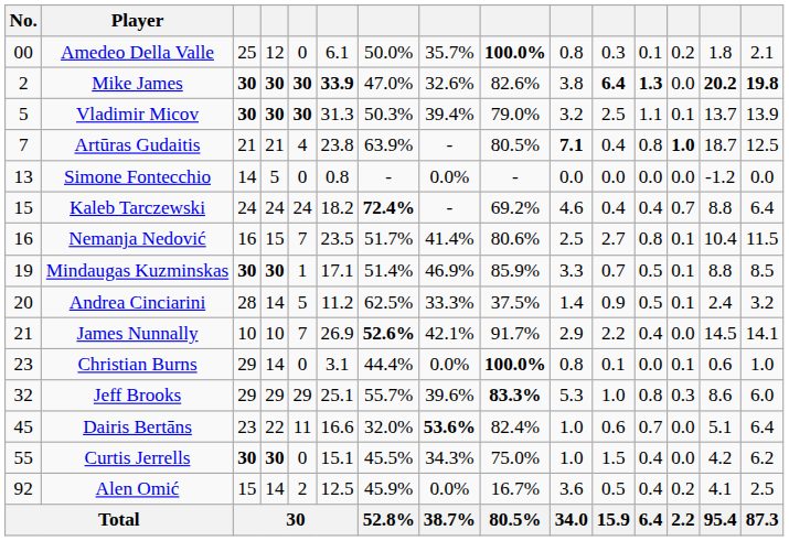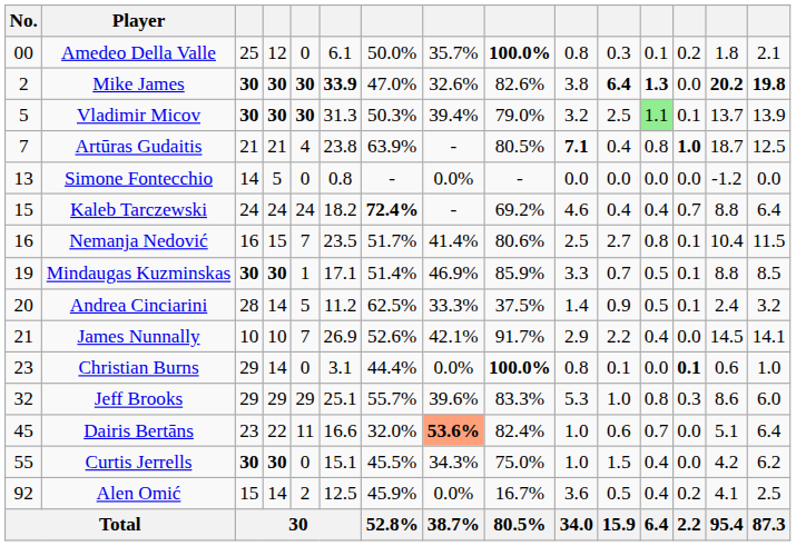 <table class="wikitable sortable" style="text-align:center; font-size:95%">
 <tr>
 <th>No.</th>
 <th>Player</th>
 <th></th>
 <th></th>
 <th></th>
 <th></th>
 <th></th>
 <th></th>
 <th></th>
 <th></th>
 <th></th>
 <th></th>
 <th></th>
 <th></th>
 <th></th>
 </tr>
 <tr>
 <td>00</td>
 <td><a href='#'>Amedeo Della Valle</a></td>
 <td>25</td>
 <td>12</td>
 <td>0</td>
 <td>6.1</td>
 <td>50.0%</td>
 <td>35.7%</td>
 <td><strong>100.0%</strong></td>
 <td>0.8</td>
 <td>0.3</td>
 <td>0.1</td>
 <td>0.2</td>
 <td>1.8</td>
 <td>2.1</td>
 </tr>
 <tr>
 <td>2</td>
 <td><a href='#'>Mike James</a></td>
 <td><strong>30</strong></td>
 <td><strong>30</strong></td>
 <td><strong>30</strong></td>
 <td><strong>33.9</strong></td>
 <td>47.0%</td>
 <td>32.6%</td>
 <td>82.6%</td>
 <td>3.8</td>
 <td><strong>6.4</strong></td>
 <td><strong>1.3</strong></td>
 <td>0.0</td>
 <td><strong>20.2</strong></td>
 <td><strong>19.8</strong></td>
 </tr>
 <tr>
 <td>5</td>
 <td><a href='#'>Vladimir Micov</a></td>
 <td><strong>30</strong></td>
 <td><strong>30</strong></td>
 <td><strong>30</strong></td>
 <td>31.3</td>
 <td>50.3%</td>
 <td>39.4%</td>
 <td>79.0%</td>
 <td>3.2</td>
 <td>2.5</td>
-<td>1.1</td>
+<td style="background: lightgreen;">1.1</td>
 <td>0.1</td>
 <td>13.7</td>
 <td>13.9</td>
 </tr>
 <tr>
 <td>7</td>
 <td><a href='#'>Artūras Gudaitis</a></td>
 <td>21</td>
 <td>21</td>
 <td>4</td>
 <td>23.8</td>
 <td>63.9%</td>
 <td>-</td>
 <td>80.5%</td>
 <td><strong>7.1</strong></td>
 <td>0.4</td>
 <td>0.8</td>
 <td><strong>1.0</strong></td>
 <td>18.7</td>
 <td>12.5</td>
 </tr>
 <tr>
 <td>13</td>
 <td><a href='#'>Simone Fontecchio</a></td>
 <td>14</td>
 <td>5</td>
 <td>0</td>
 <td>0.8</td>
 <td>-</td>
 <td>0.0%</td>
 <td>-</td>
 <td>0.0</td>
 <td>0.0</td>
 <td>0.0</td>
 <td>0.0</td>
 <td>-1.2</td>
 <td>0.0</td>
 </tr>
 <tr>
 <td>15</td>
 <td><a href='#'>Kaleb Tarczewski</a></td>
 <td>24</td>
 <td>24</td>
 <td>24</td>
 <td>18.2</td>
 <td><strong>72.4%</strong></td>
 <td>-</td>
 <td>69.2%</td>
 <td>4.6</td>
 <td>0.4</td>
 <td>0.4</td>
 <td>0.7</td>
 <td>8.8</td>
 <td>6.4</td>
 </tr>
 <tr>
 <td>16</td>
 <td><a href='#'>Nemanja Nedović</a></td>
 <td>16</td>
 <td>15</td>
 <td>7</td>
 <td>23.5</td>
 <td>51.7%</td>
 <td>41.4%</td>
 <td>80.6%</td>
 <td>2.5</td>
 <td>2.7</td>
 <td>0.8</td>
 <td>0.1</td>
 <td>10.4</td>
 <td>11.5</td>
 </tr>
 <tr>
 <td>19</td>
 <td><a href='#'>Mindaugas Kuzminskas</a></td>
 <td><strong>30</strong></td>
 <td><strong>30</strong></td>
 <td>1</td>
 <td>17.1</td>
 <td>51.4%</td>
 <td>46.9%</td>
 <td>85.9%</td>
 <td>3.3</td>
 <td>0.7</td>
 <td>0.5</td>
 <td>0.1</td>
 <td>8.8</td>
 <td>8.5</td>
 </tr>
 <tr>
 <td>20</td>
 <td><a href='#'>Andrea Cinciarini</a></td>
 <td>28</td>
 <td>14</td>
 <td>5</td>
 <td>11.2</td>
 <td>62.5%</td>
 <td>33.3%</td>
 <td>37.5%</td>
 <td>1.4</td>
 <td>0.9</td>
 <td>0.5</td>
 <td>0.1</td>
 <td>2.4</td>
 <td>3.2</td>
 </tr>
 <tr>
 <td>21</td>
 <td><a href='#'>James Nunnally</a></td>
 <td>10</td>
 <td>10</td>
 <td>7</td>
 <td>26.9</td>
-<td><strong>52.6%</strong></td>
+<td>52.6%</td>
 <td>42.1%</td>
 <td>91.7%</td>
 <td>2.9</td>
 <td>2.2</td>
 <td>0.4</td>
 <td>0.0</td>
 <td>14.5</td>
 <td>14.1</td>
 </tr>
 <tr>
 <td>23</td>
 <td><a href='#'>Christian Burns</a></td>
 <td>29</td>
 <td>14</td>
 <td>0</td>
 <td>3.1</td>
 <td>44.4%</td>
 <td>0.0%</td>
 <td><strong>100.0%</strong></td>
 <td>0.8</td>
 <td>0.1</td>
 <td>0.0</td>
-<td>0.1</td>
+<td><strong>0.1</strong></td>
 <td>0.6</td>
 <td>1.0</td>
 </tr>
 <tr>
 <td>32</td>
 <td><a href='#'>Jeff Brooks</a></td>
 <td>29</td>
 <td>29</td>
 <td>29</td>
 <td>25.1</td>
 <td>55.7%</td>
 <td>39.6%</td>
-<td><strong>83.3%</strong></td>
+<td>83.3%</td>
 <td>5.3</td>
 <td>1.0</td>
 <td>0.8</td>
 <td>0.3</td>
 <td>8.6</td>
 <td>6.0</td>
 </tr>
 <tr>
 <td>45</td>
 <td><a href='#'>Dairis Bertāns</a></td>
 <td>23</td>
 <td>22</td>
 <td>11</td>
 <td>16.6</td>
 <td>32.0%</td>
-<td><strong>53.6%</strong></td>
+<td style="background: lightsalmon;"><strong>53.6%</strong></td>
 <td>82.4%</td>
 <td>1.0</td>
 <td>0.6</td>
 <td>0.7</td>
 <td>0.0</td>
 <td>5.1</td>
 <td>6.4</td>
 </tr>
 <tr>
 <td>55</td>
 <td><a href='#'>Curtis Jerrells</a></td>
 <td><strong>30</strong></td>
 <td><strong>30</strong></td>
 <td>0</td>
 <td>15.1</td>
 <td>45.5%</td>
 <td>34.3%</td>
 <td>75.0%</td>
 <td>1.0</td>
 <td>1.5</td>
 <td>0.4</td>
 <td>0.0</td>
 <td>4.2</td>
 <td>6.2</td>
 </tr>
 <tr>
 <td>92</td>
 <td><a href='#'>Alen Omić</a></td>
 <td>15</td>
 <td>14</td>
 <td>2</td>
 <td>12.5</td>
 <td>45.9%</td>
 <td>0.0%</td>
 <td>16.7%</td>
 <td>3.6</td>
 <td>0.5</td>
 <td>0.4</td>
 <td>0.2</td>
 <td>4.1</td>
 <td>2.5</td>
 </tr>
 <tr class="sortbottom">
 <th colspan=2>Total</th>
 <th colspan=4>30</th>
 <th>52.8%</th>
 <th>38.7%</th>
 <th>80.5%</th>
 <th>34.0</th>
 <th>15.9</th>
 <th>6.4</th>
 <th>2.2</th>
 <th>95.4</th>
 <th>87.3</th>
 </tr>
 </table>
